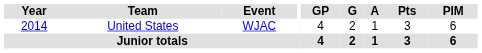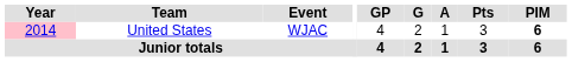 <table border="0" cellpadding="1" cellspacing="0" ID="Table3" style="text-align:center; width:40em">
 <tr bgcolor="#e0e0e0">
 <th>Year</th>
 <th>Team</th>
 <th>Event</th>
 <th rowspan="102" bgcolor="#ffffff"></th>
 <th>GP</th>
 <th>G</th>
 <th>A</th>
 <th>Pts</th>
 <th>PIM</th>
 </tr>
 <tr>
-<td><a href='#'>2014</a></td>
+<td style="background: pink;"><a href='#'>2014</a></td>
 <td><a href='#'>United States</a></td>
 <td><a href='#'>WJAC</a></td>
 <td>4</td>
 <td>2</td>
 <td>1</td>
 <td>3</td>
-<td>6</td>
+<td><strong>6</strong></td>
 </tr>
 <tr bgcolor="#e0e0e0">
 <th colspan="4">Junior totals</th>
 <th>4</th>
 <th>2</th>
 <th>1</th>
 <th>3</th>
 <th>6</th>
 </tr>
 </table>
